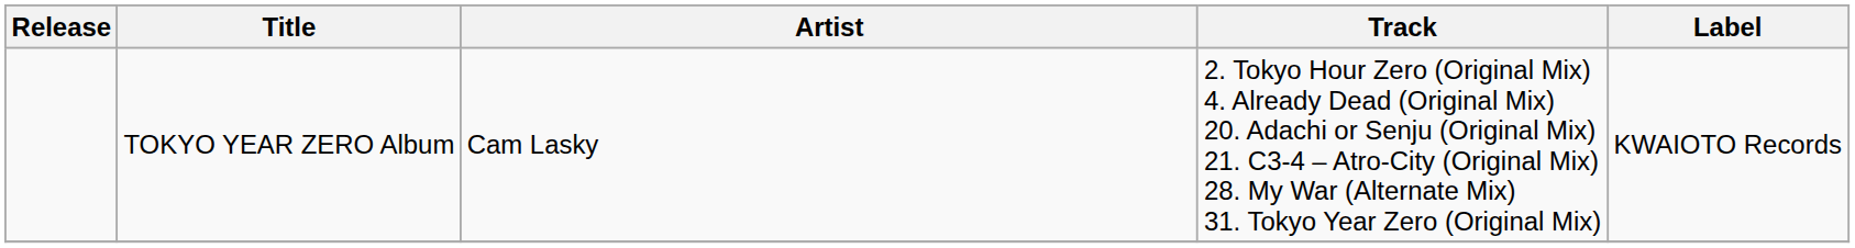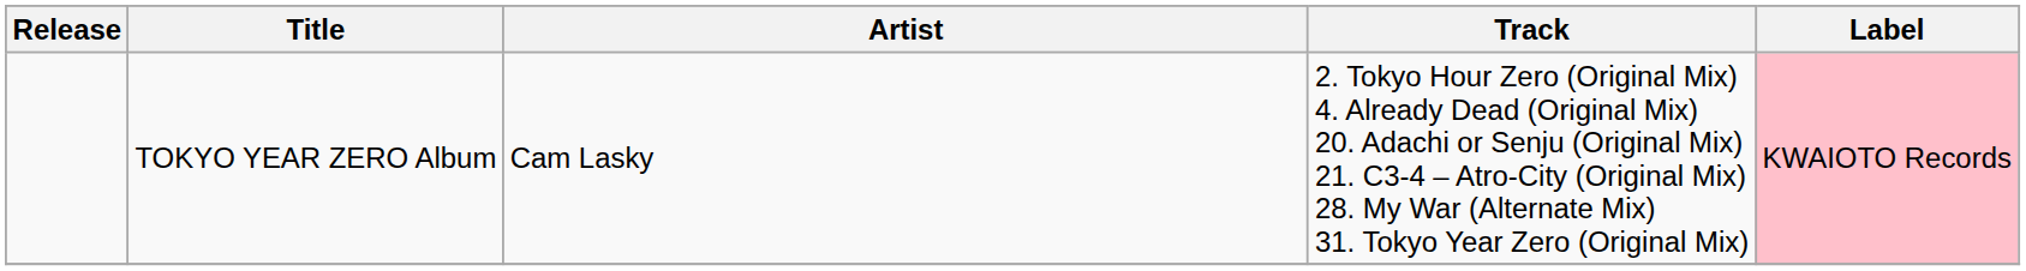 <table class="wikitable" style="font-size:small">
 <tr>
 <th>Release</th>
 <th>Title</th>
 <th style="width:40%;">Artist</th>
 <th>Track</th>
 <th>Label</th>
 </tr>
 <tr>
 <td></td>
 <td>TOKYO YEAR ZERO Album</td>
 <td>Cam Lasky</td>
 <td>2. Tokyo Hour Zero (Original Mix)<br> 4. Already Dead (Original Mix)<br>20. Adachi or Senju (Original Mix)<br>21. C3-4 – Atro-City (Original Mix)<br>28. My War (Alternate Mix) <br>31. Tokyo Year Zero (Original Mix)</td>
-<td>KWAIOTO Records</td>
+<td style="background: pink;">KWAIOTO Records</td>
 </tr>
 <tr>
 </tr>
 </table>
